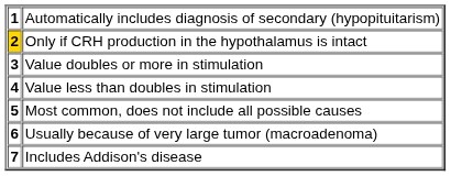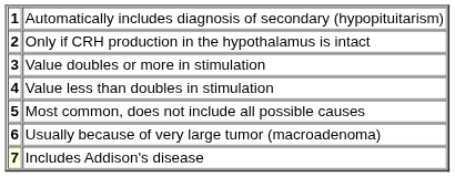 <table border="2" cellspacing="1" cellpadding="2" style="margin:10px;">
 <tr>
 <td><strong>1</strong></td>
 <td>Automatically includes diagnosis of secondary (hypopituitarism)</td>
 </tr>
 <tr>
-<td style="background: gold;"><strong>2</strong></td>
+<td><strong>2</strong></td>
 <td>Only if CRH production in the hypothalamus is intact</td>
 </tr>
 <tr>
 <td><strong>3</strong></td>
 <td>Value doubles or more in stimulation</td>
 </tr>
 <tr>
 <td><strong>4</strong></td>
 <td>Value less than doubles in stimulation</td>
 </tr>
 <tr>
 <td><strong>5</strong></td>
 <td>Most common, does not include all possible causes</td>
 </tr>
 <tr>
 <td><strong>6</strong></td>
 <td>Usually because of very large tumor (macroadenoma)</td>
 </tr>
 <tr>
-<td><strong>7</strong></td>
+<td style="background: lightyellow;"><strong>7</strong></td>
 <td>Includes Addison's disease</td>
 </tr>
 </table>
